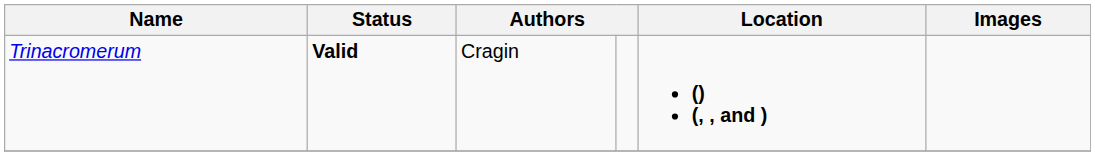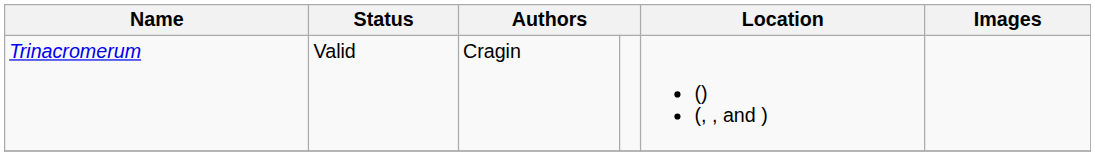 <table class="wikitable sortable" align="center" width="100%">
 <tr>
 <th>Name</th>
 <th>Status</th>
 <th colspan="2">Authors</th>
 <th>Location</th>
 <th>Images</th>
 </tr>
 <tr valign=top>
 <td><em><a href='#'>Trinacromerum</a></em></td>
-<td><strong>Valid</strong></td>
+<td>Valid</td>
 <td>Cragin</td>
 <td></td>
-<td><strong><br><ul><li> ()</li><li> (, ,  and  )</li></ul></strong></td>
+<td><br><ul><li> ()</li><li> (, ,  and  )</li></ul></td>
 <td></td>
 </tr>
 <tr>
 </tr>
 </table>
